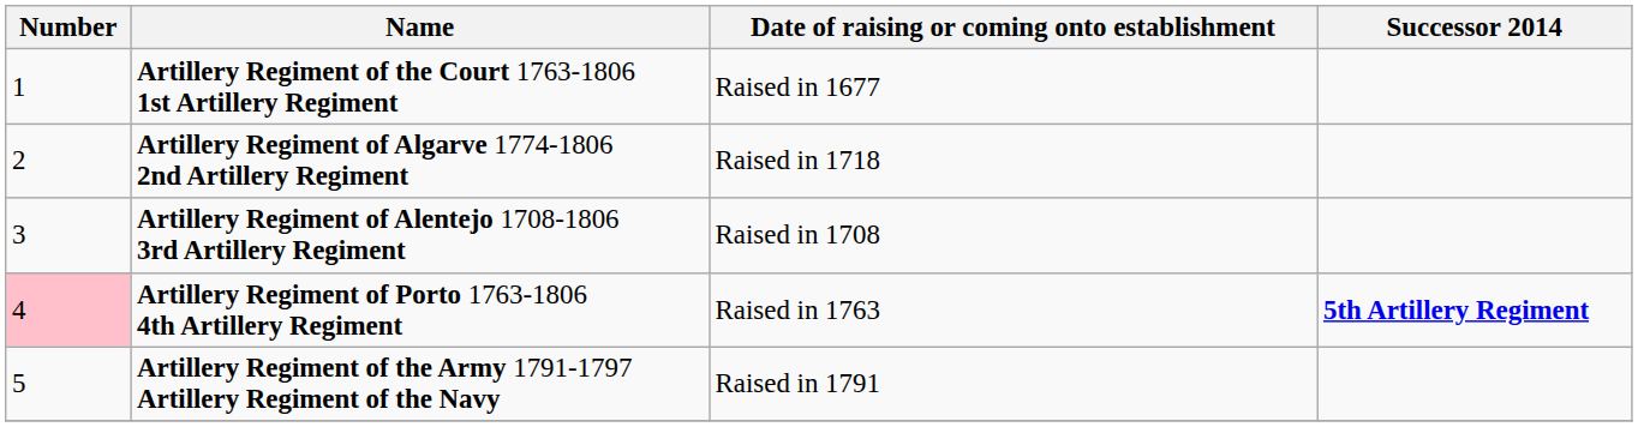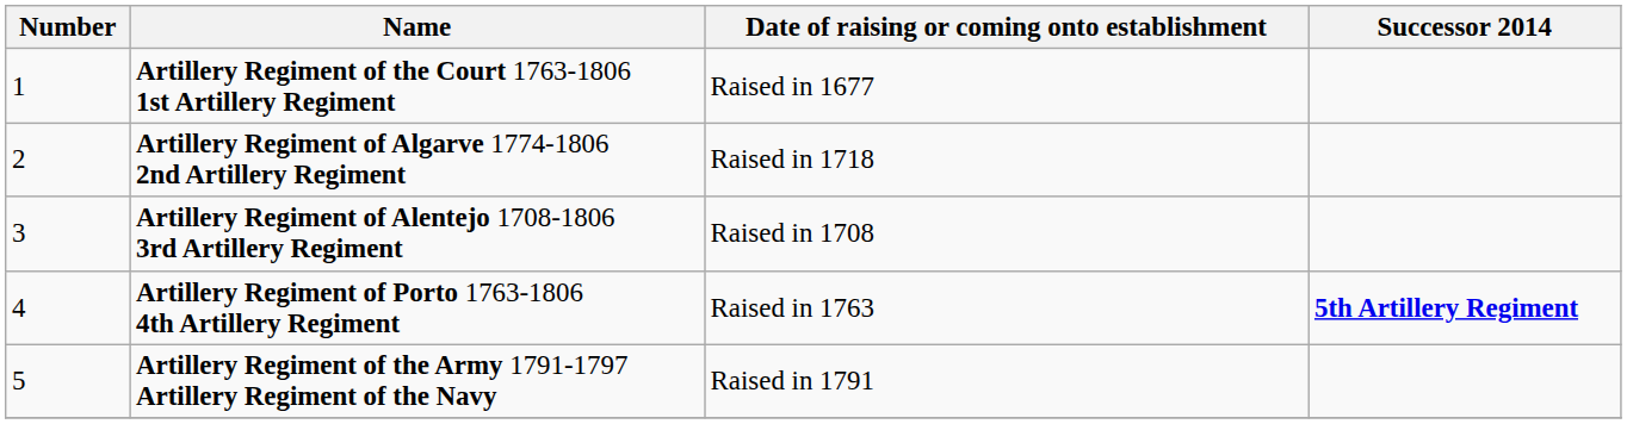 <table class="wikitable" width=75% |>
 <tr>
 <th>Number</th>
 <th>Name</th>
 <th>Date of raising or coming onto establishment</th>
 <th>Successor 2014</th>
 </tr>
 <tr>
 <td>1</td>
 <td><strong>Artillery Regiment of the Court</strong> 1763-1806<br><strong>1st Artillery Regiment</strong></td>
 <td>Raised in 1677</td>
 <td></td>
 </tr>
 <tr>
 <td>2</td>
 <td><strong>Artillery Regiment of Algarve</strong> 1774-1806<br><strong>2nd Artillery Regiment</strong></td>
 <td>Raised in 1718</td>
 <td></td>
 </tr>
 <tr>
 <td>3</td>
 <td><strong>Artillery Regiment of Alentejo</strong> 1708-1806<br><strong>3rd Artillery Regiment</strong></td>
 <td>Raised in 1708</td>
 <td></td>
 </tr>
 <tr>
-<td style="background: pink;">4</td>
+<td>4</td>
 <td><strong>Artillery Regiment of Porto</strong> 1763-1806<br><strong>4th Artillery Regiment</strong></td>
 <td>Raised in 1763</td>
 <td><strong><a href='#'>5th Artillery Regiment</a></strong></td>
 </tr>
 <tr>
 <td>5</td>
 <td><strong>Artillery Regiment of the Army</strong> 1791-1797<br><strong>Artillery Regiment of the Navy</strong></td>
 <td>Raised in 1791</td>
 <td></td>
 </tr>
 <tr>
 </tr>
 </table>
